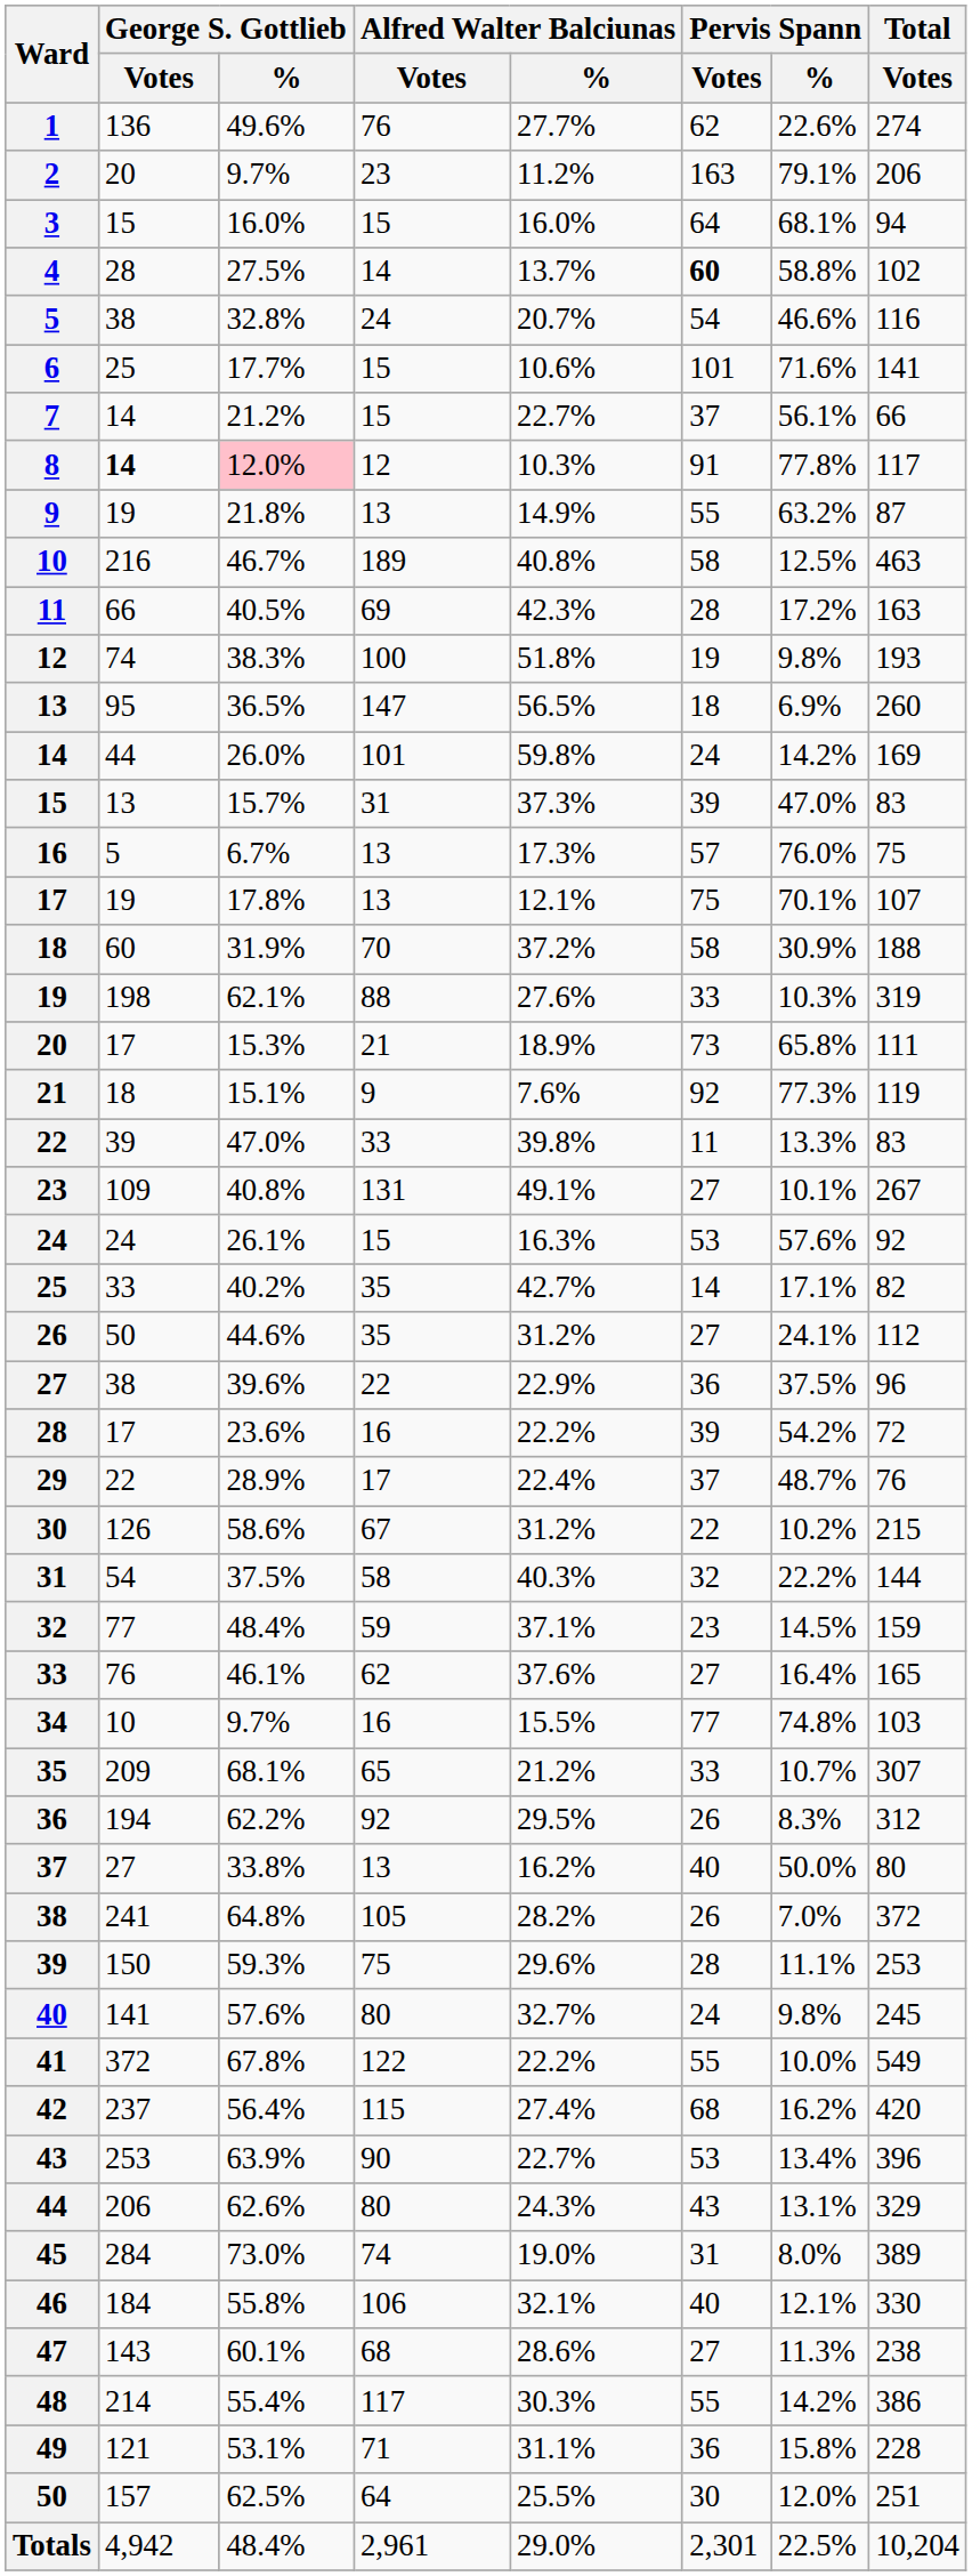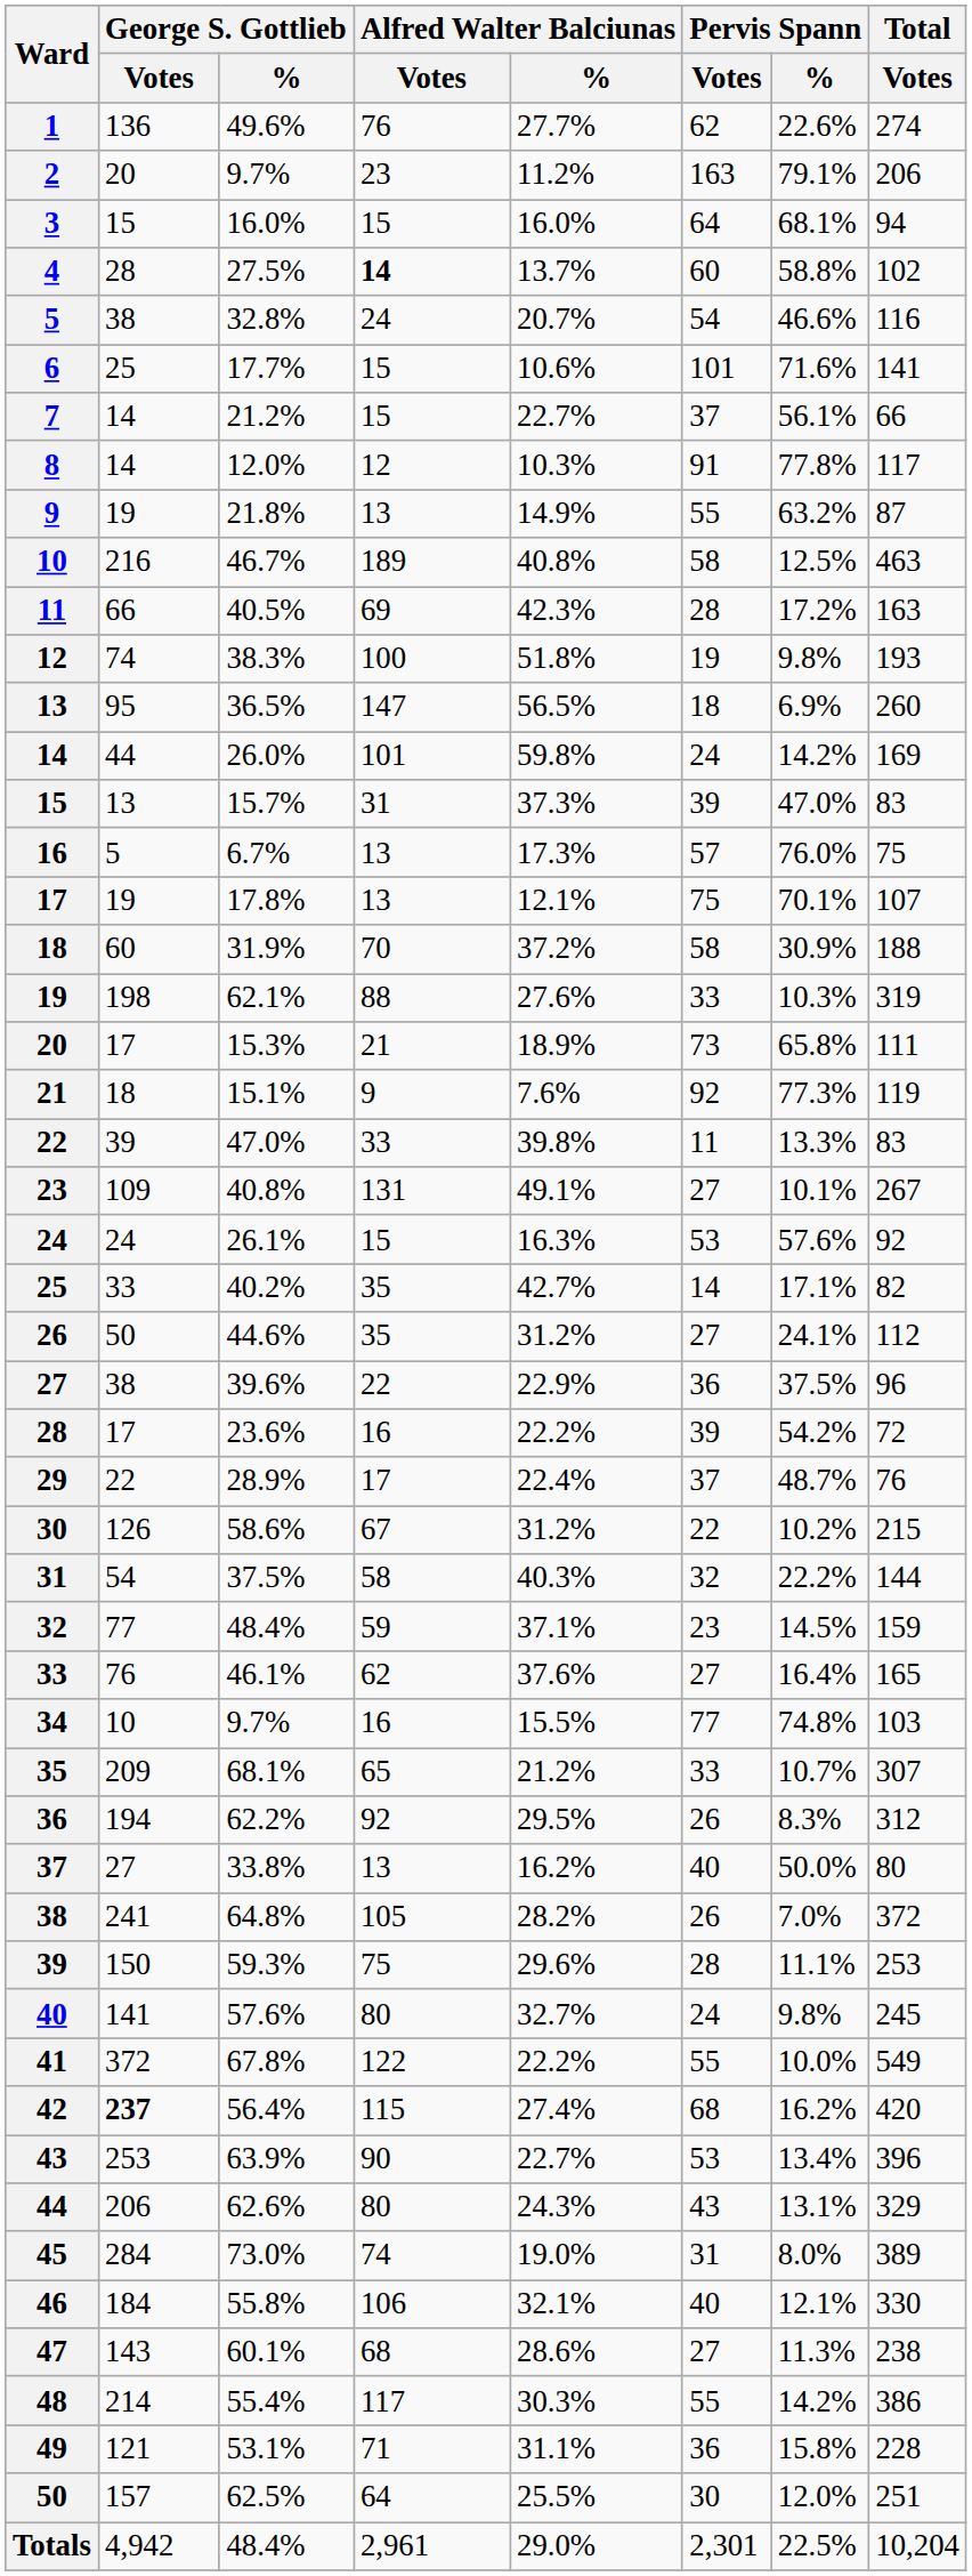 <table class="wikitable collapsible collapsed sortable">
 <tr>
 <th rowspan=2>Ward</th>
 <th colspan=2>George S. Gottlieb</th>
 <th colspan=2>Alfred Walter Balciunas</th>
 <th colspan=2>Pervis Spann</th>
 <th>Total</th>
 </tr>
 <tr>
 <th>Votes</th>
 <th>%</th>
 <th>Votes</th>
 <th>%</th>
 <th>Votes</th>
 <th>%</th>
 <th>Votes</th>
 </tr>
 <tr>
 <th><a href='#'>1</a></th>
 <td>136</td>
 <td>49.6%</td>
 <td>76</td>
 <td>27.7%</td>
 <td>62</td>
 <td>22.6%</td>
 <td>274</td>
 </tr>
 <tr>
 <th><a href='#'>2</a></th>
 <td>20</td>
 <td>9.7%</td>
 <td>23</td>
 <td>11.2%</td>
 <td>163</td>
 <td>79.1%</td>
 <td>206</td>
 </tr>
 <tr>
 <th><a href='#'>3</a></th>
 <td>15</td>
 <td>16.0%</td>
 <td>15</td>
 <td>16.0%</td>
 <td>64</td>
 <td>68.1%</td>
 <td>94</td>
 </tr>
 <tr>
 <th><a href='#'>4</a></th>
 <td>28</td>
 <td>27.5%</td>
-<td>14</td>
+<td><strong>14</strong></td>
 <td>13.7%</td>
-<td><strong>60</strong></td>
+<td>60</td>
 <td>58.8%</td>
 <td>102</td>
 </tr>
 <tr>
 <th><a href='#'>5</a></th>
 <td>38</td>
 <td>32.8%</td>
 <td>24</td>
 <td>20.7%</td>
 <td>54</td>
 <td>46.6%</td>
 <td>116</td>
 </tr>
 <tr>
 <th><a href='#'>6</a></th>
 <td>25</td>
 <td>17.7%</td>
 <td>15</td>
 <td>10.6%</td>
 <td>101</td>
 <td>71.6%</td>
 <td>141</td>
 </tr>
 <tr>
 <th><a href='#'>7</a></th>
 <td>14</td>
 <td>21.2%</td>
 <td>15</td>
 <td>22.7%</td>
 <td>37</td>
 <td>56.1%</td>
 <td>66</td>
 </tr>
 <tr>
 <th><a href='#'>8</a></th>
-<td><strong>14</strong></td>
-<td style="background: pink;">12.0%</td>
+<td>14</td>
+<td>12.0%</td>
 <td>12</td>
 <td>10.3%</td>
 <td>91</td>
 <td>77.8%</td>
 <td>117</td>
 </tr>
 <tr>
 <th><a href='#'>9</a></th>
 <td>19</td>
 <td>21.8%</td>
 <td>13</td>
 <td>14.9%</td>
 <td>55</td>
 <td>63.2%</td>
 <td>87</td>
 </tr>
 <tr>
 <th><a href='#'>10</a></th>
 <td>216</td>
 <td>46.7%</td>
 <td>189</td>
 <td>40.8%</td>
 <td>58</td>
 <td>12.5%</td>
 <td>463</td>
 </tr>
 <tr>
 <th><a href='#'>11</a></th>
 <td>66</td>
 <td>40.5%</td>
 <td>69</td>
 <td>42.3%</td>
 <td>28</td>
 <td>17.2%</td>
 <td>163</td>
 </tr>
 <tr>
 <th>12</th>
 <td>74</td>
 <td>38.3%</td>
 <td>100</td>
 <td>51.8%</td>
 <td>19</td>
 <td>9.8%</td>
 <td>193</td>
 </tr>
 <tr>
 <th>13</th>
 <td>95</td>
 <td>36.5%</td>
 <td>147</td>
 <td>56.5%</td>
 <td>18</td>
 <td>6.9%</td>
 <td>260</td>
 </tr>
 <tr>
 <th>14</th>
 <td>44</td>
 <td>26.0%</td>
 <td>101</td>
 <td>59.8%</td>
 <td>24</td>
 <td>14.2%</td>
 <td>169</td>
 </tr>
 <tr>
 <th>15</th>
 <td>13</td>
 <td>15.7%</td>
 <td>31</td>
 <td>37.3%</td>
 <td>39</td>
 <td>47.0%</td>
 <td>83</td>
 </tr>
 <tr>
 <th>16</th>
 <td>5</td>
 <td>6.7%</td>
 <td>13</td>
 <td>17.3%</td>
 <td>57</td>
 <td>76.0%</td>
 <td>75</td>
 </tr>
 <tr>
 <th>17</th>
 <td>19</td>
 <td>17.8%</td>
 <td>13</td>
 <td>12.1%</td>
 <td>75</td>
 <td>70.1%</td>
 <td>107</td>
 </tr>
 <tr>
 <th>18</th>
 <td>60</td>
 <td>31.9%</td>
 <td>70</td>
 <td>37.2%</td>
 <td>58</td>
 <td>30.9%</td>
 <td>188</td>
 </tr>
 <tr>
 <th>19</th>
 <td>198</td>
 <td>62.1%</td>
 <td>88</td>
 <td>27.6%</td>
 <td>33</td>
 <td>10.3%</td>
 <td>319</td>
 </tr>
 <tr>
 <th>20</th>
 <td>17</td>
 <td>15.3%</td>
 <td>21</td>
 <td>18.9%</td>
 <td>73</td>
 <td>65.8%</td>
 <td>111</td>
 </tr>
 <tr>
 <th>21</th>
 <td>18</td>
 <td>15.1%</td>
 <td>9</td>
 <td>7.6%</td>
 <td>92</td>
 <td>77.3%</td>
 <td>119</td>
 </tr>
 <tr>
 <th>22</th>
 <td>39</td>
 <td>47.0%</td>
 <td>33</td>
 <td>39.8%</td>
 <td>11</td>
 <td>13.3%</td>
 <td>83</td>
 </tr>
 <tr>
 <th>23</th>
 <td>109</td>
 <td>40.8%</td>
 <td>131</td>
 <td>49.1%</td>
 <td>27</td>
 <td>10.1%</td>
 <td>267</td>
 </tr>
 <tr>
 <th>24</th>
 <td>24</td>
 <td>26.1%</td>
 <td>15</td>
 <td>16.3%</td>
 <td>53</td>
 <td>57.6%</td>
 <td>92</td>
 </tr>
 <tr>
 <th>25</th>
 <td>33</td>
 <td>40.2%</td>
 <td>35</td>
 <td>42.7%</td>
 <td>14</td>
 <td>17.1%</td>
 <td>82</td>
 </tr>
 <tr>
 <th>26</th>
 <td>50</td>
 <td>44.6%</td>
 <td>35</td>
 <td>31.2%</td>
 <td>27</td>
 <td>24.1%</td>
 <td>112</td>
 </tr>
 <tr>
 <th>27</th>
 <td>38</td>
 <td>39.6%</td>
 <td>22</td>
 <td>22.9%</td>
 <td>36</td>
 <td>37.5%</td>
 <td>96</td>
 </tr>
 <tr>
 <th>28</th>
 <td>17</td>
 <td>23.6%</td>
 <td>16</td>
 <td>22.2%</td>
 <td>39</td>
 <td>54.2%</td>
 <td>72</td>
 </tr>
 <tr>
 <th>29</th>
 <td>22</td>
 <td>28.9%</td>
 <td>17</td>
 <td>22.4%</td>
 <td>37</td>
 <td>48.7%</td>
 <td>76</td>
 </tr>
 <tr>
 <th>30</th>
 <td>126</td>
 <td>58.6%</td>
 <td>67</td>
 <td>31.2%</td>
 <td>22</td>
 <td>10.2%</td>
 <td>215</td>
 </tr>
 <tr>
 <th>31</th>
 <td>54</td>
 <td>37.5%</td>
 <td>58</td>
 <td>40.3%</td>
 <td>32</td>
 <td>22.2%</td>
 <td>144</td>
 </tr>
 <tr>
 <th>32</th>
 <td>77</td>
 <td>48.4%</td>
 <td>59</td>
 <td>37.1%</td>
 <td>23</td>
 <td>14.5%</td>
 <td>159</td>
 </tr>
 <tr>
 <th>33</th>
 <td>76</td>
 <td>46.1%</td>
 <td>62</td>
 <td>37.6%</td>
 <td>27</td>
 <td>16.4%</td>
 <td>165</td>
 </tr>
 <tr>
 <th>34</th>
 <td>10</td>
 <td>9.7%</td>
 <td>16</td>
 <td>15.5%</td>
 <td>77</td>
 <td>74.8%</td>
 <td>103</td>
 </tr>
 <tr>
 <th>35</th>
 <td>209</td>
 <td>68.1%</td>
 <td>65</td>
 <td>21.2%</td>
 <td>33</td>
 <td>10.7%</td>
 <td>307</td>
 </tr>
 <tr>
 <th>36</th>
 <td>194</td>
 <td>62.2%</td>
 <td>92</td>
 <td>29.5%</td>
 <td>26</td>
 <td>8.3%</td>
 <td>312</td>
 </tr>
 <tr>
 <th>37</th>
 <td>27</td>
 <td>33.8%</td>
 <td>13</td>
 <td>16.2%</td>
 <td>40</td>
 <td>50.0%</td>
 <td>80</td>
 </tr>
 <tr>
 <th>38</th>
 <td>241</td>
 <td>64.8%</td>
 <td>105</td>
 <td>28.2%</td>
 <td>26</td>
 <td>7.0%</td>
 <td>372</td>
 </tr>
 <tr>
 <th>39</th>
 <td>150</td>
 <td>59.3%</td>
 <td>75</td>
 <td>29.6%</td>
 <td>28</td>
 <td>11.1%</td>
 <td>253</td>
 </tr>
 <tr>
 <th><a href='#'>40</a></th>
 <td>141</td>
 <td>57.6%</td>
 <td>80</td>
 <td>32.7%</td>
 <td>24</td>
 <td>9.8%</td>
 <td>245</td>
 </tr>
 <tr>
 <th>41</th>
 <td>372</td>
 <td>67.8%</td>
 <td>122</td>
 <td>22.2%</td>
 <td>55</td>
 <td>10.0%</td>
 <td>549</td>
 </tr>
 <tr>
 <th>42</th>
-<td>237</td>
+<td><strong>237</strong></td>
 <td>56.4%</td>
 <td>115</td>
 <td>27.4%</td>
 <td>68</td>
 <td>16.2%</td>
 <td>420</td>
 </tr>
 <tr>
 <th>43</th>
 <td>253</td>
 <td>63.9%</td>
 <td>90</td>
 <td>22.7%</td>
 <td>53</td>
 <td>13.4%</td>
 <td>396</td>
 </tr>
 <tr>
 <th>44</th>
 <td>206</td>
 <td>62.6%</td>
 <td>80</td>
 <td>24.3%</td>
 <td>43</td>
 <td>13.1%</td>
 <td>329</td>
 </tr>
 <tr>
 <th>45</th>
 <td>284</td>
 <td>73.0%</td>
 <td>74</td>
 <td>19.0%</td>
 <td>31</td>
 <td>8.0%</td>
 <td>389</td>
 </tr>
 <tr>
 <th>46</th>
 <td>184</td>
 <td>55.8%</td>
 <td>106</td>
 <td>32.1%</td>
 <td>40</td>
 <td>12.1%</td>
 <td>330</td>
 </tr>
 <tr>
 <th>47</th>
 <td>143</td>
 <td>60.1%</td>
 <td>68</td>
 <td>28.6%</td>
 <td>27</td>
 <td>11.3%</td>
 <td>238</td>
 </tr>
 <tr>
 <th>48</th>
 <td>214</td>
 <td>55.4%</td>
 <td>117</td>
 <td>30.3%</td>
 <td>55</td>
 <td>14.2%</td>
 <td>386</td>
 </tr>
 <tr>
 <th>49</th>
 <td>121</td>
 <td>53.1%</td>
 <td>71</td>
 <td>31.1%</td>
 <td>36</td>
 <td>15.8%</td>
 <td>228</td>
 </tr>
 <tr>
 <th>50</th>
 <td>157</td>
 <td>62.5%</td>
 <td>64</td>
 <td>25.5%</td>
 <td>30</td>
 <td>12.0%</td>
 <td>251</td>
 </tr>
 <tr>
 <th>Totals</th>
 <td>4,942</td>
 <td>48.4%</td>
 <td>2,961</td>
 <td>29.0%</td>
 <td>2,301</td>
 <td>22.5%</td>
 <td>10,204</td>
 </tr>
 </table>
